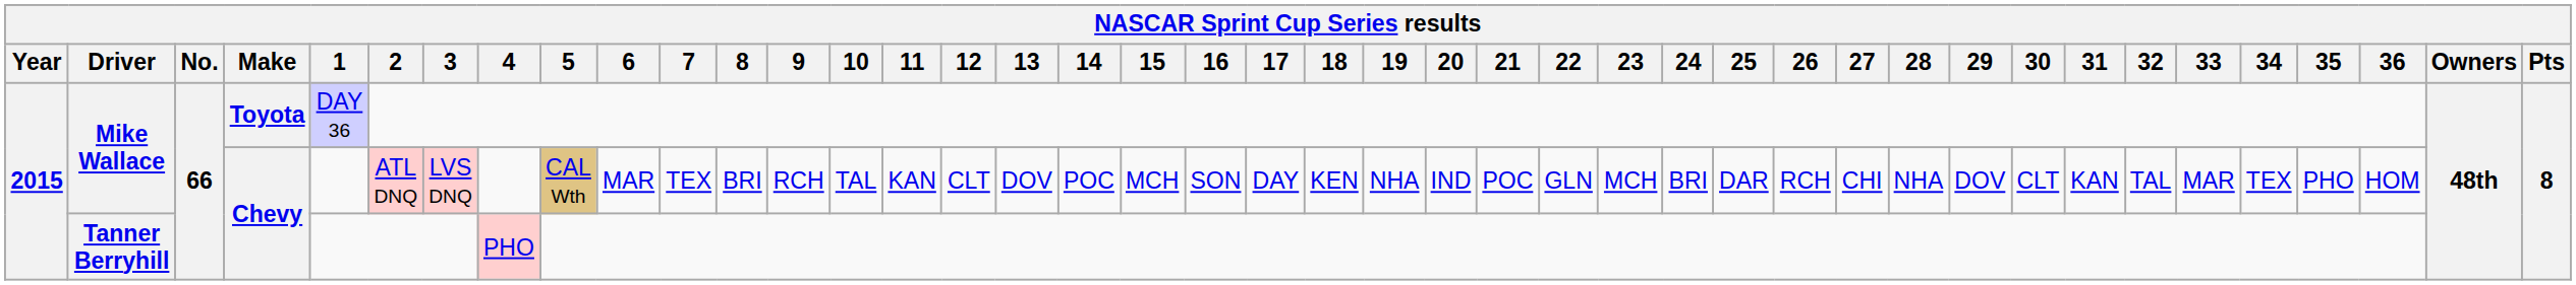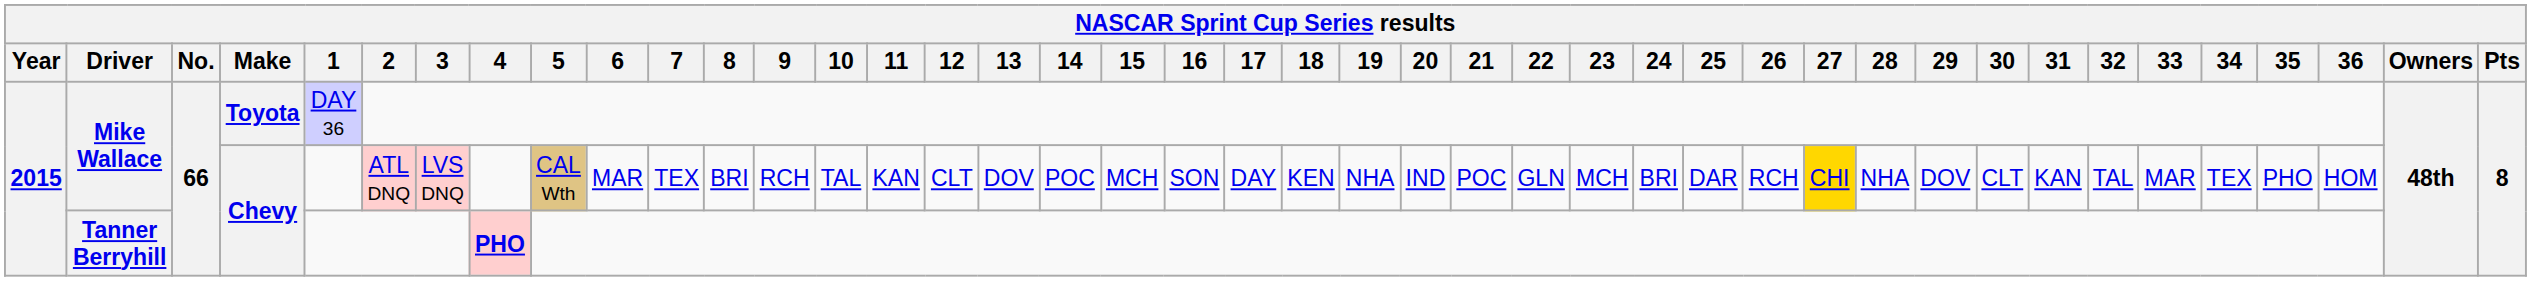 <table class="wikitable" style="text-align:center; font-size:75%">
 <tr>
 <th colspan=45><a href='#'>NASCAR Sprint Cup Series</a> results</th>
 </tr>
 <tr>
 <th>Year</th>
 <th>Driver</th>
 <th>No.</th>
 <th>Make</th>
 <th>1</th>
 <th>2</th>
 <th>3</th>
 <th>4</th>
 <th>5</th>
 <th>6</th>
 <th>7</th>
 <th>8</th>
 <th>9</th>
 <th>10</th>
 <th>11</th>
 <th>12</th>
 <th>13</th>
 <th>14</th>
 <th>15</th>
 <th>16</th>
 <th>17</th>
 <th>18</th>
 <th>19</th>
 <th>20</th>
 <th>21</th>
 <th>22</th>
 <th>23</th>
 <th>24</th>
 <th>25</th>
 <th>26</th>
 <th>27</th>
 <th>28</th>
 <th>29</th>
 <th>30</th>
 <th>31</th>
 <th>32</th>
 <th>33</th>
 <th>34</th>
 <th>35</th>
 <th>36</th>
 <th>Owners</th>
 <th>Pts</th>
 </tr>
 <tr>
 <th rowspan=3><a href='#'>2015</a></th>
 <th rowspan=2><a href='#'>Mike Wallace</a></th>
 <th rowspan=3>66</th>
 <th><a href='#'>Toyota</a></th>
 <td style="background:#CFCFFF;"><a href='#'>DAY</a><br><small>36</small></td>
 <td colspan=35></td>
 <th rowspan=3>48th</th>
 <th rowspan=3>8</th>
 </tr>
 <tr>
 <th rowspan=2><a href='#'>Chevy</a></th>
 <td></td>
 <td style="background:#FFCFCF;"><a href='#'>ATL</a><br><small>DNQ</small></td>
 <td style="background:#FFCFCF;"><a href='#'>LVS</a><br><small>DNQ</small></td>
 <td></td>
 <td style="background:#DFC484;"><a href='#'>CAL</a><br><small>Wth</small></td>
 <td><a href='#'>MAR</a></td>
 <td><a href='#'>TEX</a></td>
 <td><a href='#'>BRI</a></td>
 <td><a href='#'>RCH</a></td>
 <td><a href='#'>TAL</a></td>
 <td><a href='#'>KAN</a></td>
 <td><a href='#'>CLT</a></td>
 <td><a href='#'>DOV</a></td>
 <td><a href='#'>POC</a></td>
 <td><a href='#'>MCH</a></td>
 <td><a href='#'>SON</a></td>
 <td><a href='#'>DAY</a></td>
 <td><a href='#'>KEN</a></td>
 <td><a href='#'>NHA</a></td>
 <td><a href='#'>IND</a></td>
 <td><a href='#'>POC</a></td>
 <td><a href='#'>GLN</a></td>
 <td><a href='#'>MCH</a></td>
 <td><a href='#'>BRI</a></td>
 <td><a href='#'>DAR</a></td>
 <td><a href='#'>RCH</a></td>
-<td><a href='#'>CHI</a></td>
+<td style="background: gold;"><a href='#'>CHI</a></td>
 <td><a href='#'>NHA</a></td>
 <td><a href='#'>DOV</a></td>
 <td><a href='#'>CLT</a></td>
 <td><a href='#'>KAN</a></td>
 <td><a href='#'>TAL</a></td>
 <td><a href='#'>MAR</a></td>
 <td><a href='#'>TEX</a></td>
 <td><a href='#'>PHO</a></td>
 <td><a href='#'>HOM</a></td>
 </tr>
 <tr>
 <th><a href='#'>Tanner Berryhill</a></th>
 <td colspan=3></td>
-<td style="background:#FFCFCF;"><a href='#'>PHO</a><br></td>
+<td style="background:#FFCFCF;"><strong><a href='#'>PHO</a><br></strong></td>
 <td colspan=32></td>
 </tr>
 </table>
